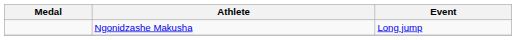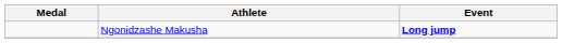 <table class="wikitable" style="font-size:90%" width=60%>
 <tr>
 <th>Medal</th>
 <th>Athlete</th>
 <th>Event</th>
 </tr>
 <tr>
 <td></td>
 <td><a href='#'>Ngonidzashe Makusha</a></td>
-<td><a href='#'>Long jump</a></td>
+<td><strong><a href='#'>Long jump</a></strong></td>
 </tr>
 <tr>
 </tr>
 </table>
